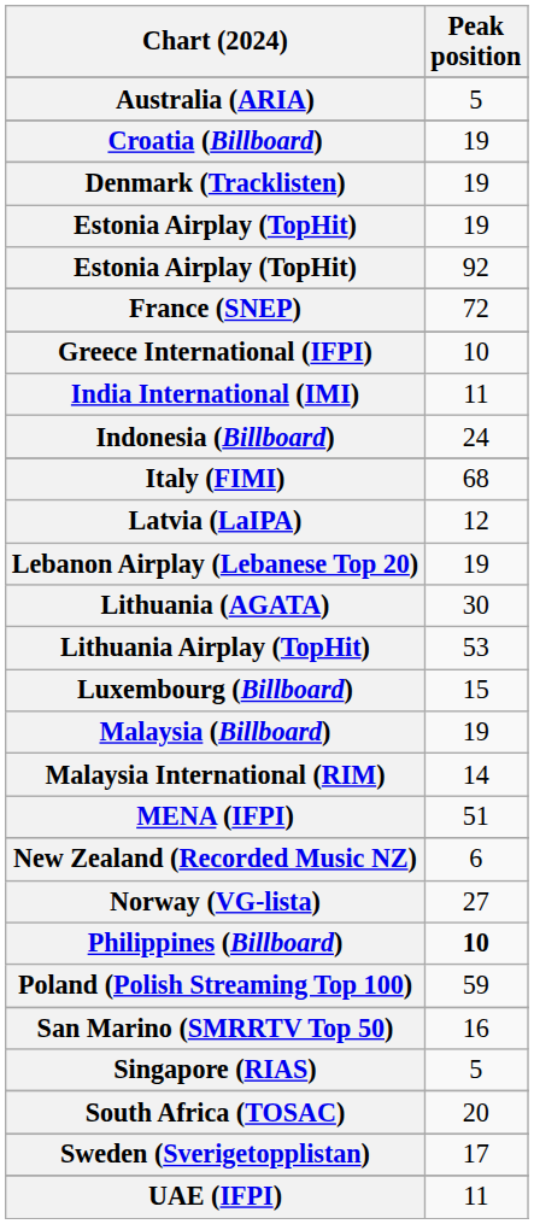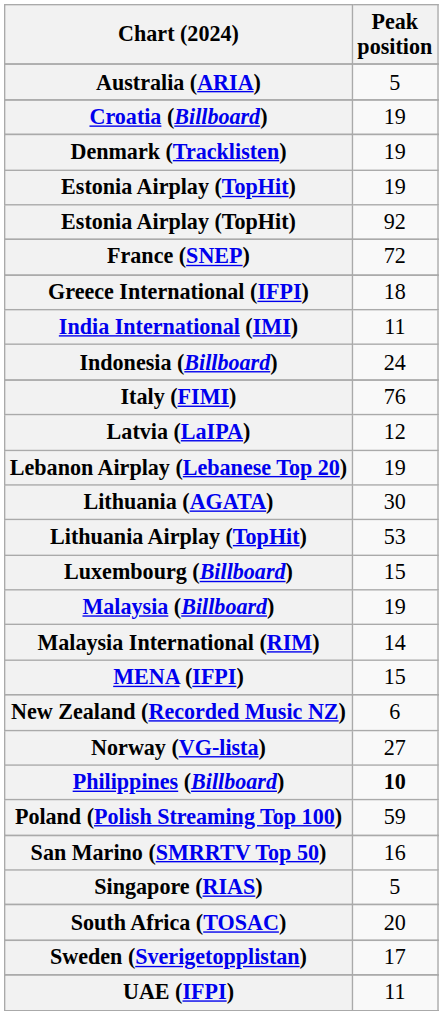 <table class="wikitable sortable plainrowheaders" style="text-align:center">
 <tr>
 <th scope="col">Chart (2024)</th>
 <th scope="col">Peak<br>position</th>
 </tr>
 <tr>
 </tr>
 <tr>
 <th scope="row">Australia (<a href='#'>ARIA</a>)</th>
 <td>5</td>
 </tr>
 <tr>
 </tr>
 <tr>
 </tr>
 <tr>
 </tr>
 <tr>
 </tr>
 <tr>
 <th scope="row"><a href='#'>Croatia</a> (<em><a href='#'>Billboard</a></em>)</th>
 <td>19</td>
 </tr>
 <tr>
 </tr>
 <tr>
 <th scope="row">Denmark (<a href='#'>Tracklisten</a>)</th>
 <td>19</td>
 </tr>
 <tr>
 <th scope="row">Estonia Airplay (<a href='#'>TopHit</a>)</th>
 <td>19</td>
 </tr>
 <tr>
 <th scope="row">Estonia Airplay (TopHit)<br></th>
 <td>92</td>
 </tr>
 <tr>
 </tr>
 <tr>
 <th scope="row">France (<a href='#'>SNEP</a>)</th>
 <td>72</td>
 </tr>
 <tr>
 </tr>
 <tr>
 </tr>
 <tr>
 <th scope="row">Greece International (<a href='#'>IFPI</a>)</th>
-<td>10</td>
+<td>18</td>
 </tr>
 <tr>
 <th scope="row"><a href='#'>India International</a> (<a href='#'>IMI</a>)</th>
 <td>11</td>
 </tr>
 <tr>
 <th scope="row">Indonesia (<em><a href='#'>Billboard</a></em>)</th>
 <td>24</td>
 </tr>
 <tr>
 </tr>
 <tr>
 <th scope="row">Italy (<a href='#'>FIMI</a>)</th>
-<td>68</td>
+<td>76</td>
 </tr>
 <tr>
 <th scope="row">Latvia (<a href='#'>LaIPA</a>)</th>
 <td>12</td>
 </tr>
 <tr>
 <th scope="row">Lebanon Airplay (<a href='#'>Lebanese Top 20</a>)</th>
 <td>19</td>
 </tr>
 <tr>
 <th scope="row">Lithuania (<a href='#'>AGATA</a>)</th>
 <td>30</td>
 </tr>
 <tr>
 <th scope="row">Lithuania Airplay (<a href='#'>TopHit</a>)</th>
 <td>53</td>
 </tr>
 <tr>
 <th scope="row">Luxembourg (<em><a href='#'>Billboard</a></em>)</th>
 <td>15</td>
 </tr>
 <tr>
 <th scope="row"><a href='#'>Malaysia</a> (<em><a href='#'>Billboard</a></em>)</th>
 <td>19</td>
 </tr>
 <tr>
 <th scope="row">Malaysia International (<a href='#'>RIM</a>)</th>
 <td>14</td>
 </tr>
 <tr>
 <th scope="row"><a href='#'>MENA</a> (<a href='#'>IFPI</a>)</th>
-<td>51</td>
+<td>15</td>
 </tr>
 <tr>
 </tr>
 <tr>
 <th scope="row">New Zealand (<a href='#'>Recorded Music NZ</a>)</th>
 <td>6</td>
 </tr>
 <tr>
 <th scope="row">Norway (<a href='#'>VG-lista</a>)</th>
 <td>27</td>
 </tr>
 <tr>
 <th scope="row"><a href='#'>Philippines</a> (<em><a href='#'>Billboard</a></em>)</th>
 <td><strong>10</strong></td>
 </tr>
 <tr>
 <th scope="row">Poland (<a href='#'>Polish Streaming Top 100</a>)</th>
 <td>59</td>
 </tr>
 <tr>
 </tr>
 <tr>
 <th scope="row">San Marino (<a href='#'>SMRRTV Top 50</a>)</th>
 <td>16</td>
 </tr>
 <tr>
 <th scope="row">Singapore (<a href='#'>RIAS</a>)</th>
 <td>5</td>
 </tr>
 <tr>
 </tr>
 <tr>
 </tr>
 <tr>
 <th scope="row">South Africa (<a href='#'>TOSAC</a>)</th>
 <td>20</td>
 </tr>
 <tr>
 </tr>
 <tr>
 <th scope="row">Sweden (<a href='#'>Sverigetopplistan</a>)</th>
 <td>17</td>
 </tr>
 <tr>
 </tr>
 <tr>
 <th scope="row">UAE (<a href='#'>IFPI</a>)</th>
 <td>11</td>
 </tr>
 <tr>
 </tr>
 <tr>
 </tr>
 <tr>
 </tr>
 <tr>
 </tr>
 <tr>
 </tr>
 </table>
